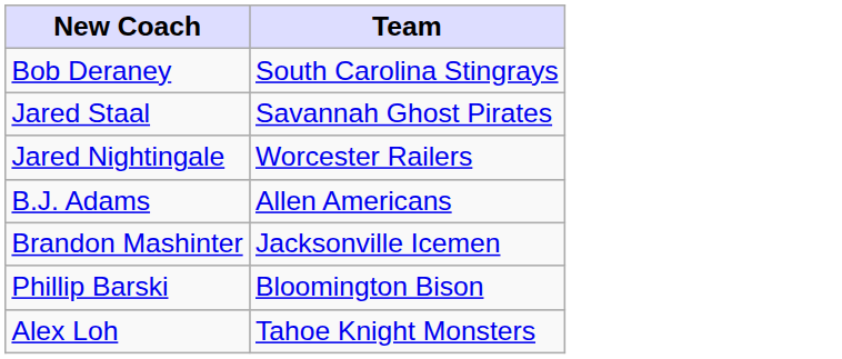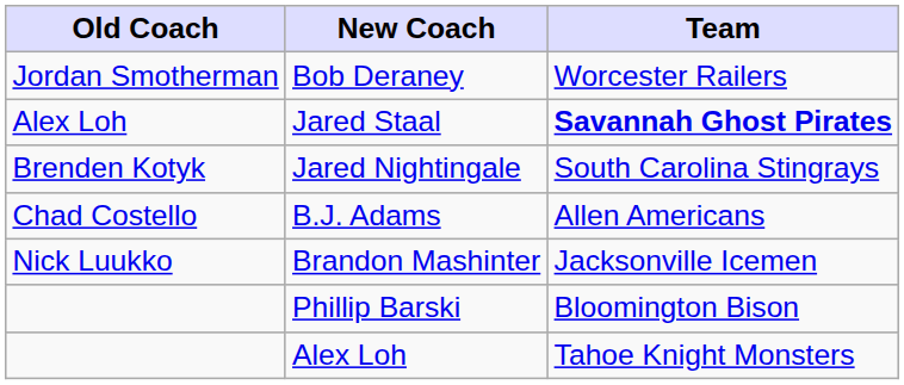 <table class="wikitable">
 <tr>
+<th style="background:#ddf">Old Coach</th>
 <th style="background:#ddf">New Coach</th>
 <th style="background:#ddf">Team</th>
 </tr>
 <tr>
+<td><a href='#'>Jordan Smotherman</a></td>
 <td><a href='#'>Bob Deraney</a></td>
+<td><a href='#'>Worcester Railers</a></td>
+</tr>
+<tr>
+<td><a href='#'>Alex Loh</a></td>
+<td><a href='#'>Jared Staal</a></td>
+<td><strong><a href='#'>Savannah Ghost Pirates</a></strong></td>
+</tr>
+<tr>
+<td><a href='#'>Brenden Kotyk</a></td>
+<td><a href='#'>Jared Nightingale</a></td>
 <td><a href='#'>South Carolina Stingrays</a></td>
 </tr>
 <tr>
-<td><a href='#'>Jared Staal</a></td>
-<td><a href='#'>Savannah Ghost Pirates</a></td>
-</tr>
-<tr>
-<td><a href='#'>Jared Nightingale</a></td>
-<td><a href='#'>Worcester Railers</a></td>
-</tr>
-<tr>
+<td><a href='#'>Chad Costello</a></td>
 <td><a href='#'>B.J. Adams</a></td>
 <td><a href='#'>Allen Americans</a></td>
 </tr>
 <tr>
+<td><a href='#'>Nick Luukko</a></td>
 <td><a href='#'>Brandon Mashinter</a></td>
 <td><a href='#'>Jacksonville Icemen</a></td>
 </tr>
 <tr>
+<td></td>
 <td><a href='#'>Phillip Barski</a></td>
 <td><a href='#'>Bloomington Bison</a></td>
 </tr>
 <tr>
+<td></td>
 <td><a href='#'>Alex Loh</a></td>
 <td><a href='#'>Tahoe Knight Monsters</a></td>
 </tr>
 </table>
